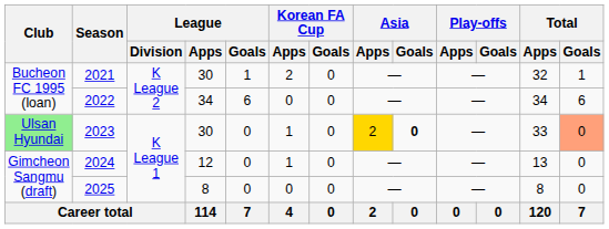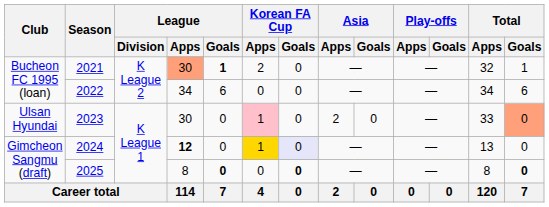 <table class="wikitable" style="text-align:center">
 <tr>
 <th rowspan="2">Club</th>
 <th rowspan="2">Season</th>
 <th colspan="3">League</th>
 <th colspan="2"><a href='#'>Korean FA Cup</a></th>
 <th colspan="2"><a href='#'>Asia</a></th>
 <th colspan="2"><a href='#'>Play-offs</a></th>
 <th colspan="2">Total</th>
 </tr>
 <tr>
 <th>Division</th>
 <th>Apps</th>
 <th>Goals</th>
 <th>Apps</th>
 <th>Goals</th>
 <th>Apps</th>
 <th>Goals</th>
 <th>Apps</th>
 <th>Goals</th>
 <th>Apps</th>
 <th>Goals</th>
 </tr>
 <tr>
 <td rowspan="2"><a href='#'>Bucheon FC 1995</a> (loan)</td>
 <td><a href='#'>2021</a></td>
 <td rowspan="2"><a href='#'>K League 2</a></td>
-<td>30</td>
-<td>1</td>
+<td style="background: lightsalmon;">30</td>
+<td><strong>1</strong></td>
 <td>2</td>
 <td>0</td>
 <td colspan="2">—</td>
 <td colspan="2">—</td>
 <td>32</td>
 <td>1</td>
 </tr>
 <tr>
 <td><a href='#'>2022</a></td>
 <td>34</td>
 <td>6</td>
 <td>0</td>
 <td>0</td>
 <td colspan="2">—</td>
 <td colspan="2">—</td>
 <td>34</td>
 <td>6</td>
 </tr>
 <tr>
-<td rowspan="1" style="background: lightgreen;"><a href='#'>Ulsan Hyundai</a></td>
+<td rowspan="1"><a href='#'>Ulsan Hyundai</a></td>
 <td><a href='#'>2023</a></td>
 <td rowspan="3"><a href='#'>K League 1</a></td>
 <td>30</td>
 <td>0</td>
-<td>1</td>
+<td style="background: pink;">1</td>
 <td>0</td>
-<td style="background: gold;">2</td>
-<td><strong>0</strong></td>
+<td>2</td>
+<td>0</td>
 <td colspan="2">—</td>
 <td>33</td>
 <td style="background: lightsalmon;">0</td>
 </tr>
 <tr>
 <td rowspan="2"><a href='#'>Gimcheon Sangmu</a> (<a href='#'>draft</a>)</td>
 <td><a href='#'>2024</a></td>
-<td>12</td>
+<td><strong>12</strong></td>
 <td>0</td>
-<td>1</td>
-<td>0</td>
+<td style="background: gold;">1</td>
+<td style="background: lavender;">0</td>
 <td colspan="2">—</td>
 <td colspan="2">—</td>
 <td>13</td>
 <td>0</td>
 </tr>
 <tr>
 <td><a href='#'>2025</a></td>
 <td>8</td>
+<td><strong>0</strong></td>
 <td>0</td>
-<td>0</td>
-<td>0</td>
+<td><strong>0</strong></td>
 <td colspan="2">—</td>
 <td colspan="2">—</td>
 <td>8</td>
-<td>0</td>
+<td><strong>0</strong></td>
 </tr>
 <tr>
 <th colspan="3">Career total</th>
 <th>114</th>
 <th>7</th>
 <th>4</th>
 <th>0</th>
 <th>2</th>
 <th>0</th>
 <th>0</th>
 <th>0</th>
 <th>120</th>
 <th>7</th>
 </tr>
 </table>
